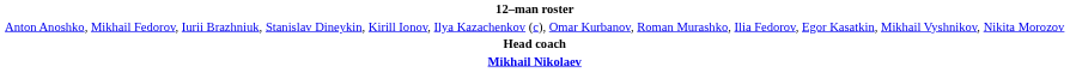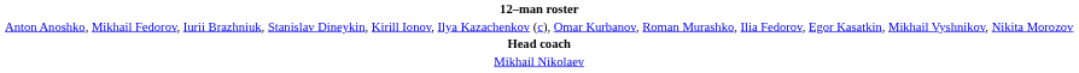 <table style="text-align:center; margin-top:2em; margin-left:auto; margin-right:auto">
 <tr>
 <td><strong>12–man roster</strong></td>
 </tr>
 <tr>
 <td><a href='#'>Anton Anoshko</a>, <a href='#'>Mikhail Fedorov</a>, <a href='#'>Iurii Brazhniuk</a>, <a href='#'>Stanislav Dineykin</a>, <a href='#'>Kirill Ionov</a>, <a href='#'>Ilya Kazachenkov</a> (<a href='#'>c</a>), <a href='#'>Omar Kurbanov</a>, <a href='#'>Roman Murashko</a>, <a href='#'>Ilia Fedorov</a>, <a href='#'>Egor Kasatkin</a>, <a href='#'>Mikhail Vyshnikov</a>, <a href='#'>Nikita Morozov</a></td>
 </tr>
 <tr>
 <td><strong>Head coach</strong></td>
 </tr>
 <tr>
-<td><strong><a href='#'>Mikhail Nikolaev</a></strong></td>
+<td><a href='#'>Mikhail Nikolaev</a></td>
 </tr>
 </table>
